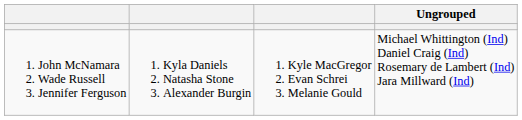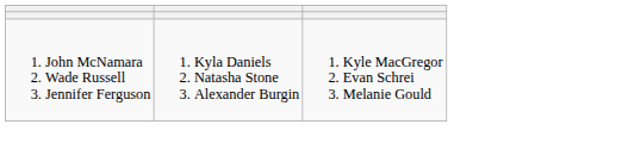 <table class=wikitable>
 <tr>
 <th></th>
 <th></th>
 <th></th>
-<th>Ungrouped</th>
 </tr>
 <tr style=background:#ccc>
-<th></th>
 <th></th>
 <th></th>
 <th></th>
 </tr>
 <tr>
 <td valign=top><br><ol><li>John McNamara</li><li>Wade Russell</li><li>Jennifer Ferguson</li></ol></td>
 <td valign=top><br><ol><li>Kyla Daniels</li><li>Natasha Stone</li><li>Alexander Burgin</li></ol></td>
 <td valign=top><br><ol><li>Kyle MacGregor</li><li>Evan Schrei</li><li>Melanie Gould</li></ol></td>
-<td valign=top>Michael Whittington (<a href='#'>Ind</a>) <br> Daniel Craig (<a href='#'>Ind</a>) <br> Rosemary de Lambert (<a href='#'>Ind</a>) <br> Jara Millward (<a href='#'>Ind</a>)</td>
 </tr>
 </table>
